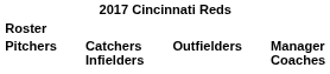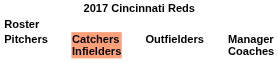 <table class="toccolours" style="font-size: 95%;">
 <tr>
 <th colspan="10">2017 Cincinnati Reds</th>
 </tr>
 <tr>
 <td colspan="10"><strong>Roster</strong></td>
 </tr>
 <tr>
 <td valign="top"><strong>Pitchers</strong><br>                             </td>
 <td style="width:25px;"></td>
-<td valign="top"><strong>Catchers</strong><br>    <strong>Infielders</strong>       </td>
+<td valign="top" style="background: lightsalmon;"><strong>Catchers</strong><br>    <strong>Infielders</strong>       </td>
 <td style="width:25px;"></td>
 <td valign="top"><strong>Outfielders</strong><br>     </td>
 <td style="width:25px;"></td>
 <td valign="top"><strong>Manager</strong><br> <strong>Coaches</strong>                   </td>
 </tr>
 </table>
